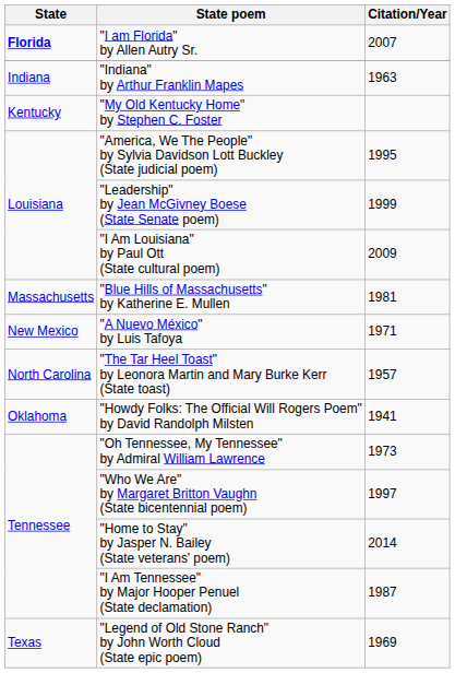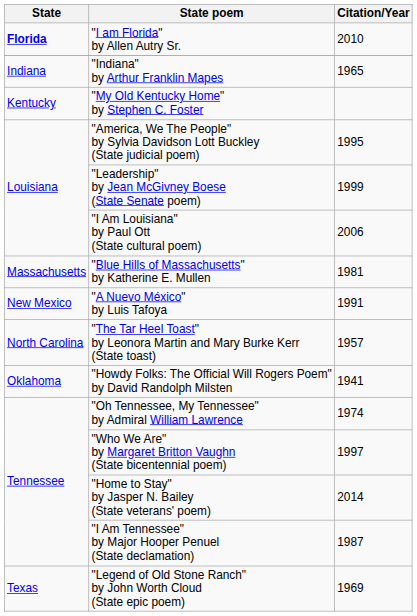 <table class="wikitable">
 <tr>
 <th>State</th>
 <th>State poem</th>
 <th>Citation/Year<br>       </th>
 </tr>
 <tr>
 <td><strong><a href='#'>Florida</a></strong></td>
 <td>"<a href='#'>I am Florida</a>"<br> by Allen Autry Sr.</td>
-<td>2007</td>
+<td>2010</td>
 </tr>
 <tr>
 </tr>
 <tr>
 <td><a href='#'>Indiana</a></td>
 <td>"Indiana" <br> by <a href='#'>Arthur Franklin Mapes</a></td>
-<td>1963<br> </td>
+<td>1965<br> </td>
 </tr>
 <tr>
 <td><a href='#'>Kentucky</a></td>
 <td>"<a href='#'>My Old Kentucky Home</a>" <br> by <a href='#'>Stephen C. Foster</a></td>
 <td></td>
 </tr>
 <tr>
 <td rowspan=3><a href='#'>Louisiana</a></td>
 <td>"America, We The People" <br> by Sylvia Davidson Lott Buckley <br> (State judicial poem)</td>
 <td>1995</td>
 </tr>
 <tr>
 <td>"Leadership" <br> by <a href='#'>Jean McGivney Boese</a><br> (<a href='#'>State Senate</a> poem)</td>
 <td>1999</td>
 </tr>
 <tr>
 <td>"I Am Louisiana"<br> by Paul Ott<br>(State cultural poem)</td>
-<td>2009<br> </td>
+<td>2006<br> </td>
 </tr>
 <tr>
 <td><a href='#'>Massachusetts</a></td>
 <td>"<a href='#'>Blue Hills of Massachusetts</a>" <br> by Katherine E. Mullen</td>
 <td>1981<br>        </td>
 </tr>
 <tr>
 <td><a href='#'>New Mexico</a></td>
 <td>"<a href='#'>A Nuevo México</a>" <br> by Luis Tafoya</td>
-<td>1971<br></td>
+<td>1991<br></td>
 </tr>
 <tr>
 <td><a href='#'>North Carolina</a></td>
 <td>"<a href='#'>The Tar Heel Toast</a>" <br> by Leonora Martin and Mary Burke Kerr <br> (State toast)</td>
 <td>1957<br> </td>
 </tr>
 <tr>
 <td><a href='#'>Oklahoma</a></td>
 <td>"Howdy Folks: The Official Will Rogers Poem" <br> by David Randolph Milsten</td>
 <td>1941<br>    </td>
 </tr>
 <tr>
 <td rowspan=4><a href='#'>Tennessee</a></td>
 <td>"Oh Tennessee, My Tennessee" <br> by Admiral <a href='#'>William Lawrence</a></td>
-<td>1973</td>
+<td>1974</td>
 </tr>
 <tr>
 <td>"Who We Are"<br>by <a href='#'>Margaret Britton Vaughn</a><br>(State bicentennial poem)</td>
 <td>1997</td>
 </tr>
 <tr>
 <td>"Home to Stay"<br>by Jasper N. Bailey<br>(State veterans' poem)</td>
 <td>2014</td>
 </tr>
 <tr>
 <td>"I Am Tennessee"<br>by Major Hooper Penuel<br>(State declamation)</td>
 <td>1987</td>
 </tr>
 <tr>
 <td><a href='#'>Texas</a></td>
 <td>"Legend of Old Stone Ranch"<br>by John Worth Cloud<br>(State epic poem)</td>
 <td>1969<br>     </td>
 </tr>
 </table>
